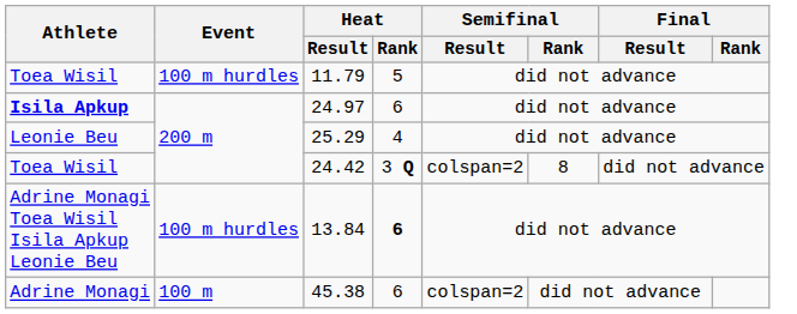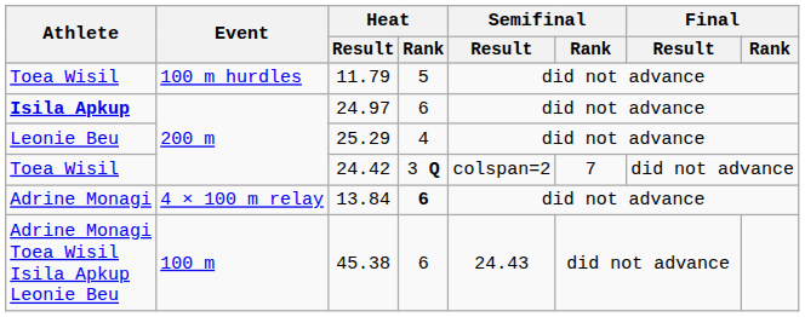 <table class="wikitable" style="font-size:90%">
 <tr>
 <th rowspan=2>Athlete</th>
 <th rowspan=2>Event</th>
 <th colspan=2>Heat</th>
 <th colspan=2>Semifinal</th>
 <th colspan=2>Final</th>
 </tr>
 <tr style="font-size:95%">
 <th>Result</th>
 <th>Rank</th>
 <th>Result</th>
 <th>Rank</th>
 <th>Result</th>
 <th>Rank</th>
 </tr>
 <tr align=center>
 <td align=left><a href='#'>Toea Wisil</a></td>
 <td align=left><a href='#'>100 m hurdles</a></td>
 <td>11.79 </td>
 <td>5</td>
 <td colspan=4>did not advance</td>
 </tr>
 <tr align=center>
 <td align=left><strong><a href='#'>Isila Apkup</a></strong></td>
 <td align=left rowspan=3><a href='#'>200 m</a></td>
 <td>24.97</td>
 <td>6</td>
 <td colspan=4>did not advance</td>
 </tr>
 <tr align=center>
 <td align=left><a href='#'>Leonie Beu</a></td>
 <td>25.29</td>
 <td>4</td>
 <td colspan=4>did not advance</td>
 </tr>
 <tr align=center>
 <td align=left><a href='#'>Toea Wisil</a></td>
 <td>24.42</td>
 <td>3 <strong>Q</strong></td>
 <td>colspan=2 </td>
-<td>8</td>
+<td>7</td>
 <td colspan=2>did not advance</td>
 </tr>
 <tr align=center>
-<td align=left><a href='#'>Adrine Monagi</a><br><a href='#'>Toea Wisil</a><br><a href='#'>Isila Apkup</a><br><a href='#'>Leonie Beu</a></td>
-<td align=left><a href='#'>100 m hurdles</a></td>
+<td align=left><a href='#'>Adrine Monagi</a></td>
+<td align=left><a href='#'>4 × 100 m relay</a></td>
 <td>13.84</td>
 <td><strong>6</strong></td>
 <td colspan=4>did not advance</td>
 </tr>
 <tr align=center>
-<td align=left><a href='#'>Adrine Monagi</a></td>
+<td align=left><a href='#'>Adrine Monagi</a><br><a href='#'>Toea Wisil</a><br><a href='#'>Isila Apkup</a><br><a href='#'>Leonie Beu</a></td>
 <td align=left><a href='#'>100 m</a></td>
 <td>45.38 </td>
 <td>6</td>
-<td>colspan=2 </td>
+<td>24.43</td>
 <td colspan=2>did not advance</td>
 </tr>
 </table>
